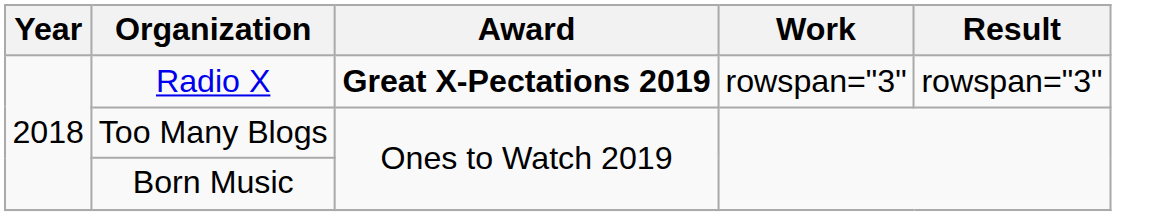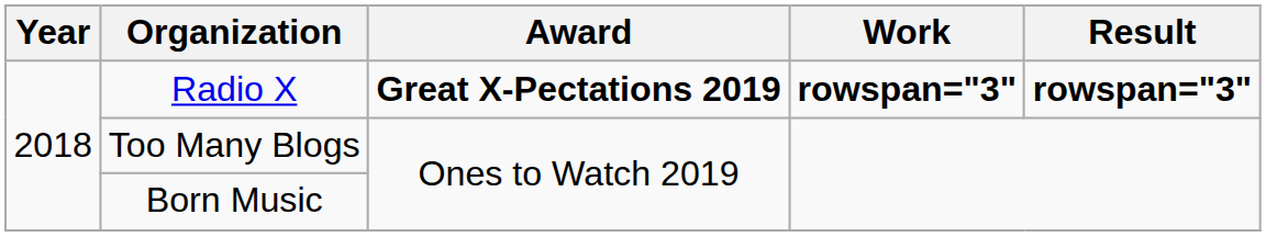 <table class="wikitable plainrowheaders" style="text-align:center;">
 <tr>
 <th>Year</th>
 <th>Organization</th>
 <th>Award</th>
 <th>Work</th>
 <th>Result</th>
 </tr>
 <tr>
 <td rowspan="3">2018</td>
 <td><a href='#'>Radio X</a></td>
 <td><strong>Great X-Pectations 2019</strong></td>
-<td>rowspan="3" </td>
-<td>rowspan="3" <br></td>
+<td><strong>rowspan="3" </strong></td>
+<td><strong>rowspan="3" <br></strong></td>
 </tr>
 <tr>
 <td>Too Many Blogs</td>
 <td rowspan="2">Ones to Watch 2019</td>
 </tr>
 <tr>
 <td>Born Music</td>
 </tr>
 <tr>
 </tr>
 </table>
